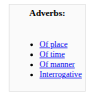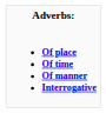 <table style = "margin-left: 1em; border: 1px solid #e0e0e0; background-color: #fafafa; padding: 2px; float: right; clear: right; font-size: 85%">
 <tr>
 <td style = "text-align: center"><strong>Adverbs:</strong></td>
 </tr>
 <tr>
-<td style = "font-size: 90%"><br><ul><li><a href='#'>Of place</a></li><li><a href='#'>Of time</a></li><li><a href='#'>Of manner</a></li><li><a href='#'>Interrogative</a></li></ul></td>
+<td style = "font-size: 90%"><strong><br><ul><li><a href='#'>Of place</a></li><li><a href='#'>Of time</a></li><li><a href='#'>Of manner</a></li><li><a href='#'>Interrogative</a></li></ul></strong></td>
 </tr>
 </table>
